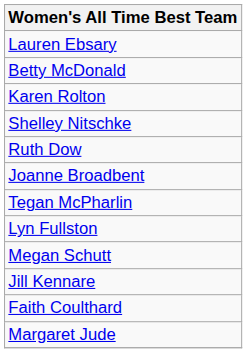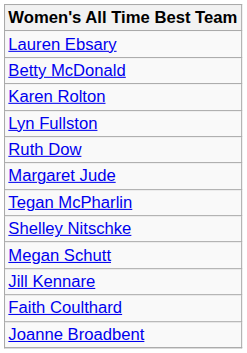 <table class="wikitable">
 <tr>
 <th>Women's All Time Best Team</th>
 </tr>
 <tr>
 <td><a href='#'>Lauren Ebsary</a></td>
 </tr>
 <tr>
 <td><a href='#'>Betty McDonald</a></td>
 </tr>
 <tr>
 <td><a href='#'>Karen Rolton</a></td>
 </tr>
 <tr>
-<td><a href='#'>Shelley Nitschke</a></td>
+<td><a href='#'>Lyn Fullston</a></td>
 </tr>
 <tr>
 <td><a href='#'>Ruth Dow</a></td>
 </tr>
 <tr>
-<td><a href='#'>Joanne Broadbent</a></td>
+<td><a href='#'>Margaret Jude</a></td>
 </tr>
 <tr>
 <td><a href='#'>Tegan McPharlin</a></td>
 </tr>
 <tr>
-<td><a href='#'>Lyn Fullston</a></td>
+<td><a href='#'>Shelley Nitschke</a></td>
 </tr>
 <tr>
 <td><a href='#'>Megan Schutt</a></td>
 </tr>
 <tr>
 <td><a href='#'>Jill Kennare</a></td>
 </tr>
 <tr>
 <td><a href='#'>Faith Coulthard</a></td>
 </tr>
 <tr>
-<td><a href='#'>Margaret Jude</a></td>
+<td><a href='#'>Joanne Broadbent</a></td>
 </tr>
 <tr>
 </tr>
 </table>
